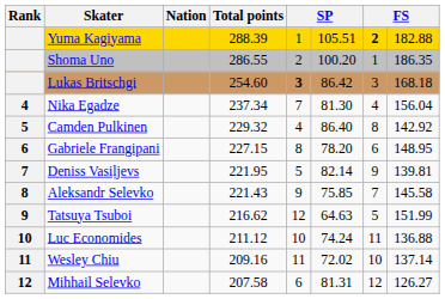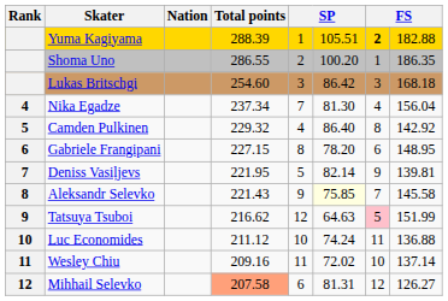 <table class="wikitable sortable" style="text-align:left">
 <tr>
 <th scope="col">Rank</th>
 <th scope="col">Skater</th>
 <th scope="col">Nation</th>
 <th scope="col">Total points</th>
 <th scope="col" colspan="2" width="80px"><a href='#'>SP</a></th>
 <th scope="col" colspan="2" width="80px"><a href='#'>FS</a></th>
 </tr>
 <tr bgcolor="gold">
 <th scope="row"></th>
 <td><a href='#'>Yuma Kagiyama</a></td>
 <td></td>
 <td align="center">288.39</td>
 <td align="center">1</td>
 <td align="center">105.51</td>
 <td align="center"><strong>2</strong></td>
 <td align="center">182.88</td>
 </tr>
 <tr bgcolor="silver">
 <th scope="row"></th>
 <td><a href='#'>Shoma Uno</a></td>
 <td></td>
 <td align="center">286.55</td>
 <td align="center">2</td>
 <td align="center">100.20</td>
 <td align="center">1</td>
 <td align="center">186.35</td>
 </tr>
 <tr bgcolor="cc9966">
 <th scope="row"></th>
 <td><a href='#'>Lukas Britschgi</a></td>
 <td></td>
 <td align="center">254.60</td>
-<td align="center"><strong>3</strong></td>
+<td align="center">3</td>
 <td align="center">86.42</td>
 <td align="center">3</td>
 <td align="center">168.18</td>
 </tr>
 <tr>
 <th scope="row">4</th>
 <td><a href='#'>Nika Egadze</a></td>
 <td></td>
 <td align="center">237.34</td>
 <td align="center">7</td>
 <td align="center">81.30</td>
 <td align="center">4</td>
 <td align="center">156.04</td>
 </tr>
 <tr>
 <th scope="row">5</th>
 <td><a href='#'>Camden Pulkinen</a></td>
 <td></td>
 <td align="center">229.32</td>
 <td align="center">4</td>
 <td align="center">86.40</td>
 <td align="center">8</td>
 <td align="center">142.92</td>
 </tr>
 <tr>
 <th scope="row">6</th>
 <td><a href='#'>Gabriele Frangipani</a></td>
 <td></td>
 <td align="center">227.15</td>
 <td align="center">8</td>
 <td align="center">78.20</td>
 <td align="center">6</td>
 <td align="center">148.95</td>
 </tr>
 <tr>
 <th scope="row">7</th>
 <td><a href='#'>Deniss Vasiļjevs</a></td>
 <td></td>
 <td align="center">221.95</td>
 <td align="center">5</td>
 <td align="center">82.14</td>
 <td align="center">9</td>
 <td align="center">139.81</td>
 </tr>
 <tr>
 <th scope="row">8</th>
 <td><a href='#'>Aleksandr Selevko</a></td>
 <td></td>
 <td align="center">221.43</td>
 <td align="center">9</td>
-<td align="center">75.85</td>
+<td align="center" style="background: lightyellow;">75.85</td>
 <td align="center">7</td>
 <td align="center">145.58</td>
 </tr>
 <tr>
 <th scope="row">9</th>
 <td><a href='#'>Tatsuya Tsuboi</a></td>
 <td></td>
 <td align="center">216.62</td>
 <td align="center">12</td>
 <td align="center">64.63</td>
-<td align="center">5</td>
+<td align="center" style="background: pink;">5</td>
 <td align="center">151.99</td>
 </tr>
 <tr>
 <th scope="row">10</th>
 <td><a href='#'>Luc Economides</a></td>
 <td></td>
 <td align="center">211.12</td>
 <td align="center">10</td>
 <td align="center">74.24</td>
 <td align="center">11</td>
 <td align="center">136.88</td>
 </tr>
 <tr>
 <th scope="row">11</th>
 <td><a href='#'>Wesley Chiu</a></td>
 <td></td>
 <td align="center">209.16</td>
 <td align="center">11</td>
 <td align="center">72.02</td>
 <td align="center">10</td>
 <td align="center">137.14</td>
 </tr>
 <tr>
 <th scope="row">12</th>
 <td><a href='#'>Mihhail Selevko</a></td>
 <td></td>
-<td align="center">207.58</td>
+<td align="center" style="background: lightsalmon;">207.58</td>
 <td align="center">6</td>
 <td align="center">81.31</td>
 <td align="center">12</td>
 <td align="center">126.27</td>
 </tr>
 </table>
